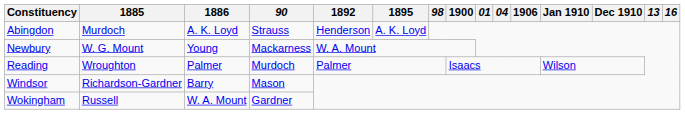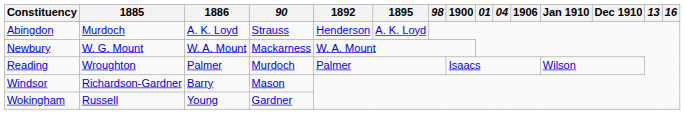 <table class="wikitable">
 <tr>
 <th>Constituency</th>
 <th>1885</th>
 <th>1886</th>
 <th><em>90</em></th>
 <th>1892</th>
 <th>1895</th>
 <th><em>98</em></th>
 <th>1900</th>
 <th><em>01</em></th>
 <th><em>04</em></th>
 <th>1906</th>
 <th>Jan 1910</th>
 <th>Dec 1910</th>
 <th><em>13</em></th>
 <th><em>16</em></th>
 </tr>
 <tr>
 <td><a href='#'>Abingdon</a></td>
 <td><a href='#'>Murdoch</a></td>
 <td><a href='#'>A. K. Loyd</a></td>
 <td><a href='#'>Strauss</a></td>
 <td><a href='#'>Henderson</a></td>
 <td><a href='#'>A. K. Loyd</a></td>
 </tr>
 <tr>
 <td><a href='#'>Newbury</a></td>
 <td><a href='#'>W. G. Mount</a></td>
-<td><a href='#'>Young</a></td>
+<td><a href='#'>W. A. Mount</a></td>
 <td><a href='#'>Mackarness</a></td>
 <td colspan="4"><a href='#'>W. A. Mount</a></td>
 </tr>
 <tr>
 <td><a href='#'>Reading</a></td>
 <td><a href='#'>Wroughton</a></td>
 <td><a href='#'>Palmer</a></td>
 <td><a href='#'>Murdoch</a></td>
 <td colspan="3"><a href='#'>Palmer</a></td>
 <td colspan="4"><a href='#'>Isaacs</a></td>
 <td colspan="2"><a href='#'>Wilson</a></td>
 </tr>
 <tr>
 <td><a href='#'>Windsor</a></td>
 <td><a href='#'>Richardson-Gardner</a></td>
 <td><a href='#'>Barry</a></td>
 <td><a href='#'>Mason</a></td>
 </tr>
 <tr>
 <td><a href='#'>Wokingham</a></td>
 <td><a href='#'>Russell</a></td>
-<td><a href='#'>W. A. Mount</a></td>
+<td><a href='#'>Young</a></td>
 <td><a href='#'>Gardner</a></td>
 </tr>
 </table>
